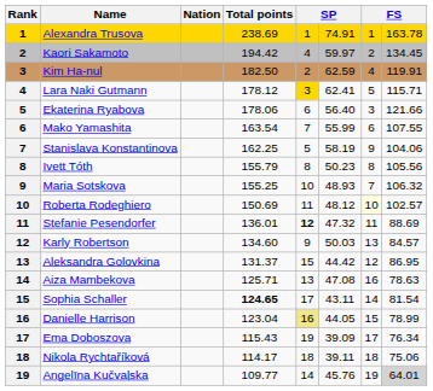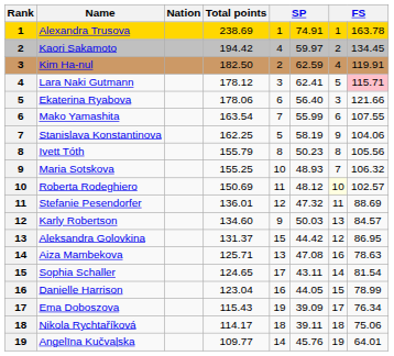 <table class="wikitable sortable">
 <tr>
 <th>Rank</th>
 <th>Name</th>
 <th>Nation</th>
 <th>Total points</th>
 <th colspan="2" width="80px"><a href='#'>SP</a></th>
 <th colspan="2" width="80px"><a href='#'>FS</a></th>
 </tr>
 <tr bgcolor="gold">
 <td align="center"><strong>1</strong></td>
 <td><a href='#'>Alexandra Trusova</a></td>
 <td></td>
 <td align="center">238.69</td>
 <td align="center">1</td>
 <td align="center">74.91</td>
 <td align="center">1</td>
 <td align="center">163.78</td>
 </tr>
 <tr bgcolor="silver">
 <td align="center"><strong>2</strong></td>
 <td><a href='#'>Kaori Sakamoto</a></td>
 <td></td>
 <td align="center">194.42</td>
 <td align="center">4</td>
 <td align="center">59.97</td>
 <td align="center">2</td>
 <td align="center">134.45</td>
 </tr>
 <tr bgcolor="cc9966">
 <td align="center"><strong>3</strong></td>
 <td><a href='#'>Kim Ha-nul</a></td>
 <td></td>
 <td align="center">182.50</td>
 <td align="center">2</td>
 <td align="center">62.59</td>
 <td align="center">4</td>
 <td align="center">119.91</td>
 </tr>
 <tr>
 <th>4</th>
 <td><a href='#'>Lara Naki Gutmann</a></td>
 <td></td>
 <td align="center">178.12</td>
-<td align="center" style="background: gold;">3</td>
+<td align="center">3</td>
 <td align="center">62.41</td>
 <td align="center">5</td>
-<td align="center">115.71</td>
+<td align="center" style="background: pink;">115.71</td>
 </tr>
 <tr>
 <th>5</th>
 <td><a href='#'>Ekaterina Ryabova</a></td>
 <td></td>
 <td align="center">178.06</td>
 <td align="center">6</td>
 <td align="center">56.40</td>
 <td align="center">3</td>
 <td align="center">121.66</td>
 </tr>
 <tr>
 <th>6</th>
 <td><a href='#'>Mako Yamashita</a></td>
 <td></td>
 <td align="center">163.54</td>
 <td align="center">7</td>
 <td align="center">55.99</td>
 <td align="center">6</td>
 <td align="center">107.55</td>
 </tr>
 <tr>
 <th>7</th>
 <td><a href='#'>Stanislava Konstantinova</a></td>
 <td></td>
 <td align="center">162.25</td>
 <td align="center">5</td>
 <td align="center">58.19</td>
 <td align="center">9</td>
 <td align="center">104.06</td>
 </tr>
 <tr>
 <th>8</th>
 <td><a href='#'>Ivett Tóth</a></td>
 <td></td>
 <td align="center">155.79</td>
 <td align="center">8</td>
 <td align="center">50.23</td>
 <td align="center">8</td>
 <td align="center">105.56</td>
 </tr>
 <tr>
 <th>9</th>
 <td><a href='#'>Maria Sotskova</a></td>
 <td></td>
 <td align="center">155.25</td>
 <td align="center">10</td>
 <td align="center">48.93</td>
 <td align="center">7</td>
 <td align="center">106.32</td>
 </tr>
 <tr>
 <th>10</th>
 <td><a href='#'>Roberta Rodeghiero</a></td>
 <td></td>
 <td align="center">150.69</td>
 <td align="center">11</td>
 <td align="center">48.12</td>
 <td align="center" style="background: lightyellow;">10</td>
 <td align="center">102.57</td>
 </tr>
 <tr>
 <th>11</th>
 <td><a href='#'>Stefanie Pesendorfer</a></td>
 <td></td>
 <td align="center">136.01</td>
-<td align="center"><strong>12</strong></td>
+<td align="center">12</td>
 <td align="center">47.32</td>
 <td align="center">11</td>
 <td align="center">88.69</td>
 </tr>
 <tr>
 <th>12</th>
 <td><a href='#'>Karly Robertson</a></td>
 <td></td>
 <td align="center">134.60</td>
 <td align="center">9</td>
 <td align="center">50.03</td>
 <td align="center">13</td>
 <td align="center">84.57</td>
 </tr>
 <tr>
 <th>13</th>
 <td><a href='#'>Aleksandra Golovkina</a></td>
 <td></td>
 <td align="center">131.37</td>
 <td align="center">15</td>
 <td align="center">44.42</td>
 <td align="center">12</td>
 <td align="center">86.95</td>
 </tr>
 <tr>
 <th>14</th>
 <td><a href='#'>Aiza Mambekova</a></td>
 <td></td>
 <td align="center">125.71</td>
 <td align="center">13</td>
 <td align="center">47.08</td>
 <td align="center">16</td>
 <td align="center">78.63</td>
 </tr>
 <tr>
 <th>15</th>
 <td><a href='#'>Sophia Schaller</a></td>
 <td></td>
-<td align="center"><strong>124.65</strong></td>
+<td align="center">124.65</td>
 <td align="center">17</td>
 <td align="center">43.11</td>
 <td align="center">14</td>
 <td align="center">81.54</td>
 </tr>
 <tr>
 <th>16</th>
 <td><a href='#'>Danielle Harrison</a></td>
 <td></td>
 <td align="center">123.04</td>
-<td align="center" style="background: khaki;">16</td>
+<td align="center">16</td>
 <td align="center">44.05</td>
 <td align="center">15</td>
 <td align="center">78.99</td>
 </tr>
 <tr>
 <th>17</th>
 <td><a href='#'>Ema Doboszova</a></td>
 <td></td>
 <td align="center">115.43</td>
 <td align="center">19</td>
 <td align="center">39.09</td>
 <td align="center">17</td>
 <td align="center">76.34</td>
 </tr>
 <tr>
 <th>18</th>
 <td><a href='#'>Nikola Rychtaříková</a></td>
 <td></td>
 <td align="center">114.17</td>
 <td align="center">18</td>
 <td align="center">39.11</td>
 <td align="center">18</td>
 <td align="center">75.06</td>
 </tr>
 <tr>
 <th>19</th>
 <td><a href='#'>Angelīna Kučvaļska</a></td>
 <td></td>
 <td align="center">109.77</td>
 <td align="center">14</td>
 <td align="center">45.76</td>
 <td align="center">19</td>
-<td align="center" style="background: lightgrey;">64.01</td>
+<td align="center">64.01</td>
 </tr>
 </table>
